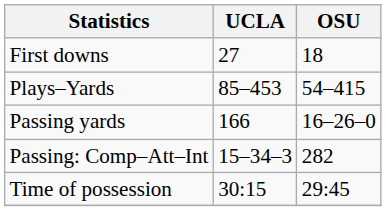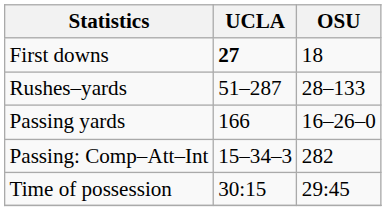 <table class="wikitable" style="float: left;">
 <tr>
 <th>Statistics</th>
 <th>UCLA</th>
 <th>OSU</th>
 </tr>
 <tr>
 <td>First downs</td>
-<td>27</td>
+<td><strong>27</strong></td>
 <td>18</td>
 </tr>
 <tr>
-<td>Plays–Yards</td>
-<td>85–453</td>
-<td>54–415</td>
+<td>Rushes–yards</td>
+<td>51–287</td>
+<td>28–133</td>
 </tr>
 <tr>
 <td>Passing yards</td>
 <td>166</td>
 <td>16–26–0</td>
 </tr>
 <tr>
 <td>Passing: Comp–Att–Int</td>
 <td>15–34–3</td>
 <td>282</td>
 </tr>
 <tr>
 <td>Time of possession</td>
 <td>30:15</td>
 <td>29:45</td>
 </tr>
 <tr>
 </tr>
 </table>
